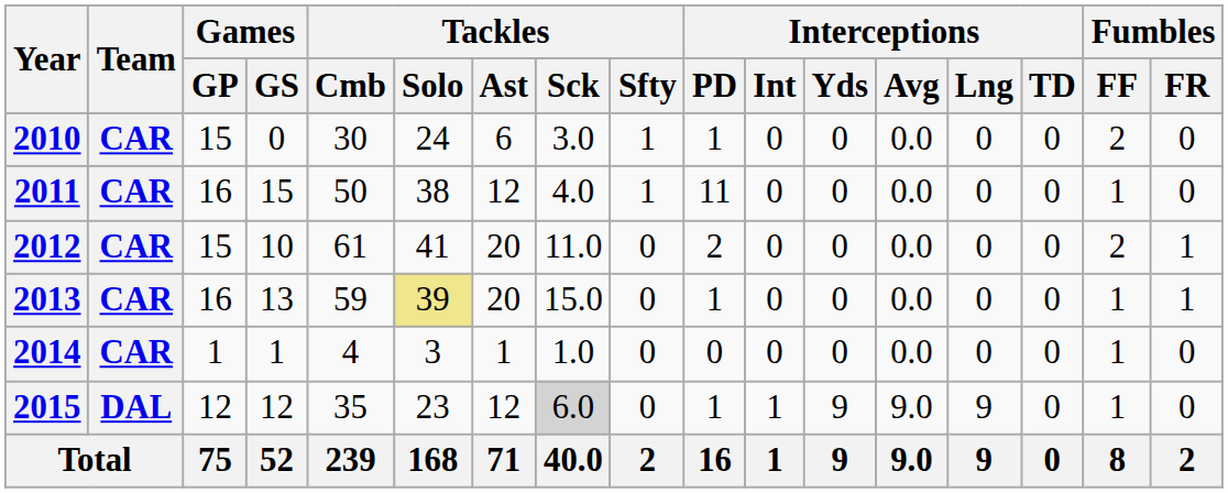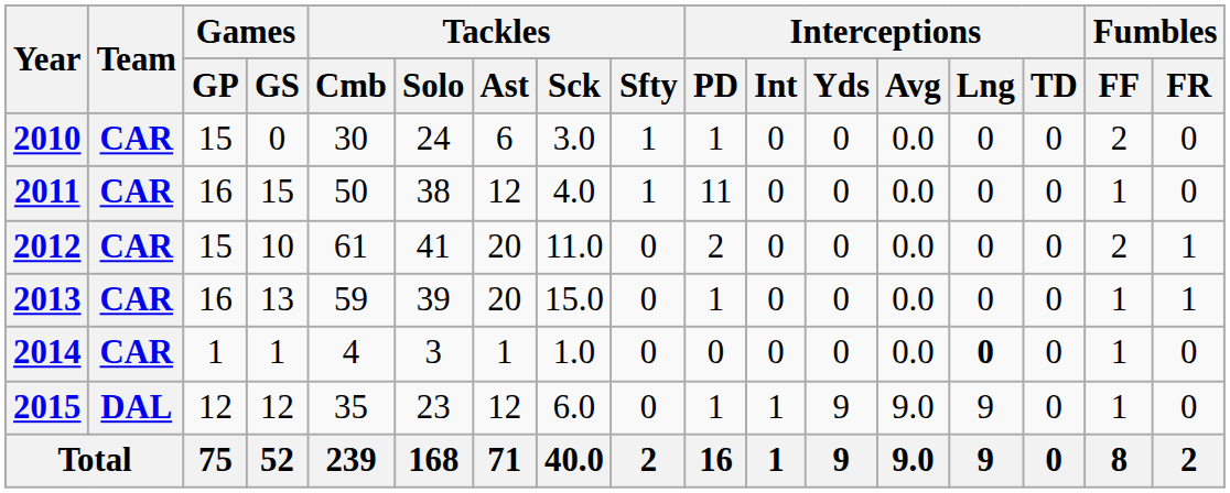 <table class="wikitable" style="text-align: center;">
 <tr>
 <th rowspan="2">Year</th>
 <th rowspan="2">Team</th>
 <th colspan="2">Games</th>
 <th colspan="5">Tackles</th>
 <th colspan="6">Interceptions</th>
 <th colspan="2">Fumbles</th>
 </tr>
 <tr>
 <th>GP</th>
 <th>GS</th>
 <th>Cmb</th>
 <th>Solo</th>
 <th>Ast</th>
 <th>Sck</th>
 <th>Sfty</th>
 <th>PD</th>
 <th>Int</th>
 <th>Yds</th>
 <th>Avg</th>
 <th>Lng</th>
 <th>TD</th>
 <th>FF</th>
 <th>FR</th>
 </tr>
 <tr>
 <th><a href='#'>2010</a></th>
 <th><a href='#'>CAR</a></th>
 <td>15</td>
 <td>0</td>
 <td>30</td>
 <td>24</td>
 <td>6</td>
 <td>3.0</td>
 <td>1</td>
 <td>1</td>
 <td>0</td>
 <td>0</td>
 <td>0.0</td>
 <td>0</td>
 <td>0</td>
 <td>2</td>
 <td>0</td>
 </tr>
 <tr>
 <th><a href='#'>2011</a></th>
 <th><a href='#'>CAR</a></th>
 <td>16</td>
 <td>15</td>
 <td>50</td>
 <td>38</td>
 <td>12</td>
 <td>4.0</td>
 <td>1</td>
 <td>11</td>
 <td>0</td>
 <td>0</td>
 <td>0.0</td>
 <td>0</td>
 <td>0</td>
 <td>1</td>
 <td>0</td>
 </tr>
 <tr>
 <th><a href='#'>2012</a></th>
 <th><a href='#'>CAR</a></th>
 <td>15</td>
 <td>10</td>
 <td>61</td>
 <td>41</td>
 <td>20</td>
 <td>11.0</td>
 <td>0</td>
 <td>2</td>
 <td>0</td>
 <td>0</td>
 <td>0.0</td>
 <td>0</td>
 <td>0</td>
 <td>2</td>
 <td>1</td>
 </tr>
 <tr>
 <th><a href='#'>2013</a></th>
 <th><a href='#'>CAR</a></th>
 <td>16</td>
 <td>13</td>
 <td>59</td>
-<td style="background: khaki;">39</td>
+<td>39</td>
 <td>20</td>
 <td>15.0</td>
 <td>0</td>
 <td>1</td>
 <td>0</td>
 <td>0</td>
 <td>0.0</td>
 <td>0</td>
 <td>0</td>
 <td>1</td>
 <td>1</td>
 </tr>
 <tr>
 <th><a href='#'>2014</a></th>
 <th><a href='#'>CAR</a></th>
 <td>1</td>
 <td>1</td>
 <td>4</td>
 <td>3</td>
 <td>1</td>
 <td>1.0</td>
 <td>0</td>
 <td>0</td>
 <td>0</td>
 <td>0</td>
 <td>0.0</td>
-<td>0</td>
+<td><strong>0</strong></td>
 <td>0</td>
 <td>1</td>
 <td>0</td>
 </tr>
 <tr>
 <th><a href='#'>2015</a></th>
 <th><a href='#'>DAL</a></th>
 <td>12</td>
 <td>12</td>
 <td>35</td>
 <td>23</td>
 <td>12</td>
-<td style="background: lightgrey;">6.0</td>
+<td>6.0</td>
 <td>0</td>
 <td>1</td>
 <td>1</td>
 <td>9</td>
 <td>9.0</td>
 <td>9</td>
 <td>0</td>
 <td>1</td>
 <td>0</td>
 </tr>
 <tr>
 <th colspan="2">Total</th>
 <th>75</th>
 <th>52</th>
 <th>239</th>
 <th>168</th>
 <th>71</th>
 <th>40.0</th>
 <th>2</th>
 <th>16</th>
 <th>1</th>
 <th>9</th>
 <th>9.0</th>
 <th>9</th>
 <th>0</th>
 <th>8</th>
 <th>2</th>
 </tr>
 </table>
